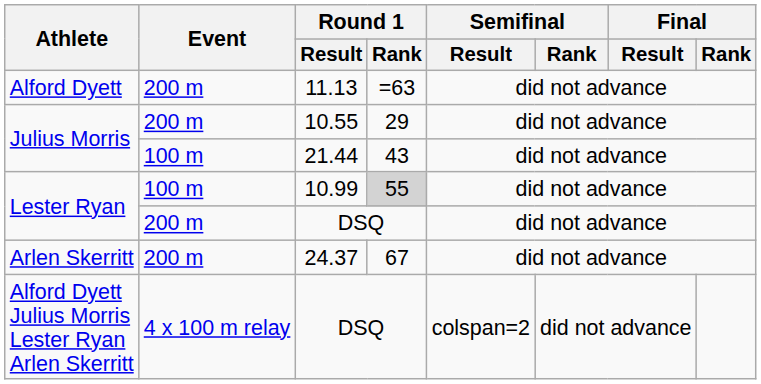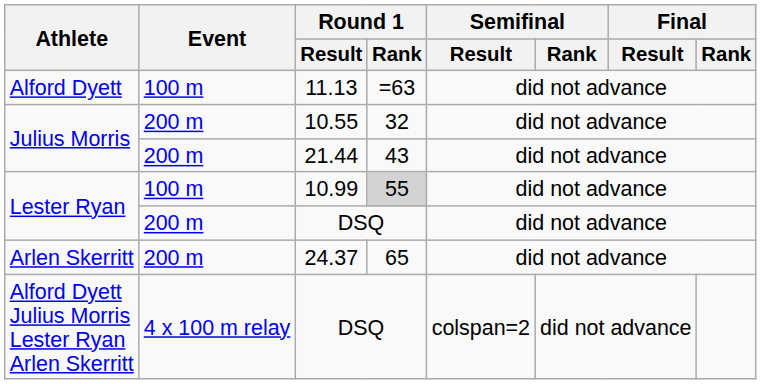 <table class=wikitable style="font-size:90%">
 <tr>
 <th rowspan="2">Athlete</th>
 <th rowspan="2">Event</th>
 <th colspan="2">Round 1</th>
 <th colspan="2">Semifinal</th>
 <th colspan="2">Final</th>
 </tr>
 <tr style="font-size:95%">
 <th>Result</th>
 <th>Rank</th>
 <th>Result</th>
 <th>Rank</th>
 <th>Result</th>
 <th>Rank</th>
 </tr>
 <tr align=center>
 <td align=left><a href='#'>Alford Dyett</a></td>
-<td align=left><a href='#'>200 m</a></td>
+<td align=left><a href='#'>100 m</a></td>
 <td>11.13</td>
 <td>=63</td>
 <td colspan=4>did not advance</td>
 </tr>
 <tr align=center>
 <td align=left rowspan="2"><a href='#'>Julius Morris</a></td>
 <td align=left><a href='#'>200 m</a></td>
 <td>10.55</td>
-<td>29</td>
+<td>32</td>
 <td colspan=4>did not advance</td>
 </tr>
 <tr align=center>
-<td align=left><a href='#'>100 m</a></td>
+<td align=left><a href='#'>200 m</a></td>
 <td>21.44</td>
 <td>43</td>
 <td colspan="4">did not advance</td>
 </tr>
 <tr align=center>
 <td align=left rowspan="2"><a href='#'>Lester Ryan</a></td>
 <td align=left><a href='#'>100 m</a></td>
 <td>10.99</td>
 <td style="background: lightgrey;">55</td>
 <td colspan=4>did not advance</td>
 </tr>
 <tr align=center>
 <td align=left><a href='#'>200 m</a></td>
 <td colspan="2">DSQ</td>
 <td colspan=4>did not advance</td>
 </tr>
 <tr align=center>
 <td align=left><a href='#'>Arlen Skerritt</a></td>
 <td align=left><a href='#'>200 m</a></td>
 <td>24.37</td>
-<td>67</td>
+<td>65</td>
 <td colspan="4">did not advance</td>
 </tr>
 <tr align=center>
 <td align=left><a href='#'>Alford Dyett</a><br><a href='#'>Julius Morris</a> <br><a href='#'>Lester Ryan</a> <br><a href='#'>Arlen Skerritt</a></td>
 <td align=left><a href='#'>4 x 100 m relay</a></td>
 <td colspan="2">DSQ</td>
 <td>colspan=2 </td>
 <td colspan="2">did not advance</td>
 </tr>
 </table>
